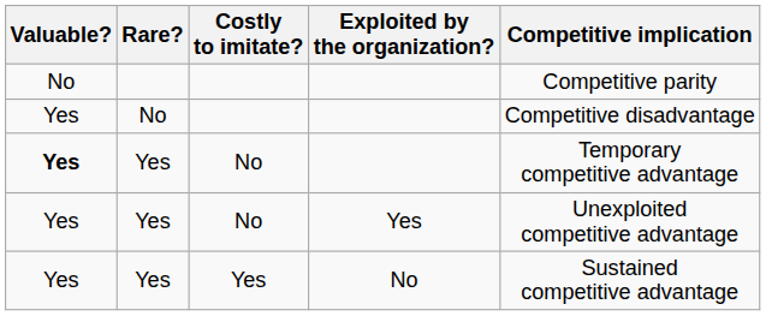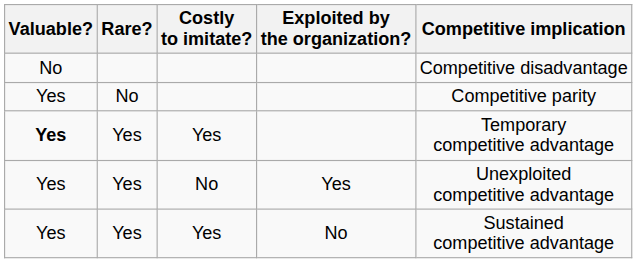 <table class="wikitable" style="margin:1em auto;">
 <tr>
 <th align="center">Valuable?</th>
 <th align="center">Rare?</th>
 <th align="center">Costly <br>to imitate?</th>
 <th align="center">Exploited by<br> the organization?</th>
 <th align="center">Competitive implication</th>
 </tr>
 <tr>
 <td align="center">No</td>
 <td></td>
 <td></td>
 <td></td>
-<td align="center">Competitive parity</td>
+<td align="center">Competitive disadvantage</td>
 </tr>
 <tr>
 <td align="center">Yes</td>
 <td align="center">No</td>
 <td align="center"></td>
 <td></td>
-<td align="center">Competitive disadvantage</td>
+<td align="center">Competitive parity</td>
 </tr>
 <tr>
 <td align="center"><strong>Yes</strong></td>
 <td align="center">Yes</td>
-<td align="center">No</td>
+<td align="center">Yes</td>
 <td></td>
 <td align="center">Temporary<br> competitive advantage</td>
 </tr>
 <tr>
 <td align="center">Yes</td>
 <td align="center">Yes</td>
 <td align="center">No</td>
 <td align="center">Yes</td>
 <td align="center">Unexploited <br>competitive advantage</td>
 </tr>
 <tr>
 <td align="center">Yes</td>
 <td align="center">Yes</td>
 <td align="center">Yes</td>
 <td align="center">No</td>
 <td align="center">Sustained<br> competitive advantage</td>
 </tr>
 </table>
